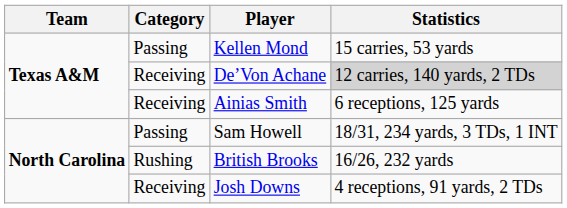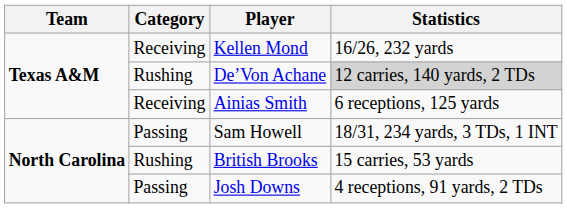 <table class="wikitable" style="float: left;">
 <tr>
 <th>Team</th>
 <th>Category</th>
 <th>Player</th>
 <th>Statistics</th>
 </tr>
 <tr>
 <td rowspan=3><strong>Texas A&M</strong></td>
-<td>Passing</td>
+<td>Receiving</td>
 <td><a href='#'>Kellen Mond</a></td>
-<td>15 carries, 53 yards</td>
+<td>16/26, 232 yards</td>
 </tr>
 <tr>
-<td>Receiving</td>
+<td>Rushing</td>
 <td><a href='#'>De’Von Achane</a></td>
 <td style="background: lightgrey;">12 carries, 140 yards, 2 TDs</td>
 </tr>
 <tr>
 <td>Receiving</td>
 <td><a href='#'>Ainias Smith</a></td>
 <td>6 receptions, 125 yards</td>
 </tr>
 <tr>
 <td rowspan=3><strong>North Carolina</strong></td>
 <td>Passing</td>
 <td>Sam Howell</td>
 <td>18/31, 234 yards, 3 TDs, 1 INT</td>
 </tr>
 <tr>
 <td>Rushing</td>
 <td><a href='#'>British Brooks</a></td>
-<td>16/26, 232 yards</td>
+<td>15 carries, 53 yards</td>
 </tr>
 <tr>
-<td>Receiving</td>
+<td>Passing</td>
 <td><a href='#'>Josh Downs</a></td>
 <td>4 receptions, 91 yards, 2 TDs</td>
 </tr>
 </table>
